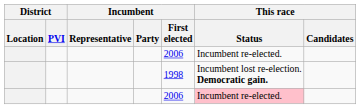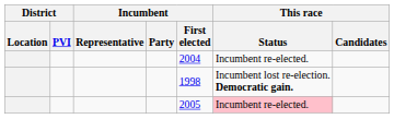 <table class="wikitable sortable">
 <tr valign=bottom>
 <th colspan=2>District</th>
 <th colspan=3>Incumbent</th>
 <th colspan=2>This race</th>
 </tr>
 <tr valign=bottom>
 <th>Location</th>
 <th><a href='#'>PVI</a></th>
 <th>Representative</th>
 <th>Party</th>
 <th>First<br>elected</th>
 <th>Status</th>
 <th>Candidates</th>
 </tr>
 <tr>
 <th></th>
 <td></td>
 <td></td>
 <td></td>
-<td><a href='#'>2006</a></td>
+<td><a href='#'>2004</a></td>
 <td>Incumbent re-elected.</td>
 <td nowrap></td>
 </tr>
 <tr>
 <th></th>
 <td></td>
 <td></td>
 <td></td>
 <td><a href='#'>1998</a></td>
 <td>Incumbent lost re-election.<br><strong>Democratic gain.</strong></td>
 <td nowrap></td>
 </tr>
 <tr>
 <th></th>
 <td></td>
 <td></td>
 <td></td>
-<td><a href='#'>2006</a></td>
+<td><a href='#'>2005</a></td>
 <td style="background: pink;">Incumbent re-elected.</td>
 <td nowrap></td>
 </tr>
 </table>
